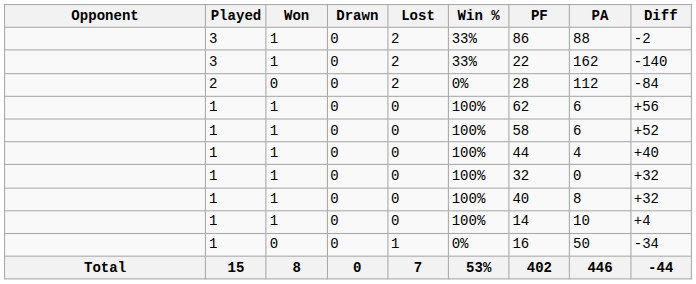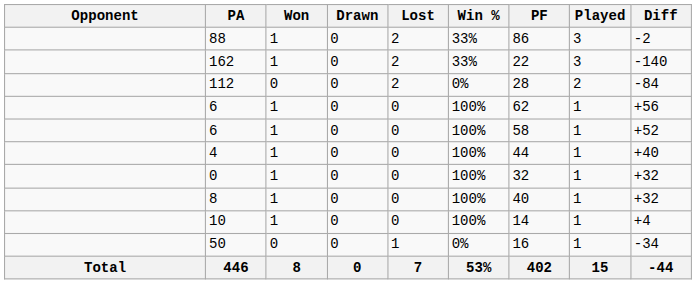 <table class="wikitable sortable" style="font-size:100%">
 <tr>
 <th style="width:180px;">Opponent</th>
-<th style="width:50px;">Played</th>
+<th style="width:50px;">PA</th>
 <th style="width:50px;">Won</th>
 <th style="width:50px;">Drawn</th>
 <th style="width:50px;">Lost</th>
 <th style="width:50px;">Win %</th>
 <th style="width:50px;">PF</th>
-<th style="width:50px;">PA</th>
+<th style="width:50px;">Played</th>
 <th style="width:50px;">Diff</th>
 </tr>
 <tr>
 <td></td>
-<td>3</td>
+<td>88</td>
 <td>1</td>
 <td>0</td>
 <td>2</td>
 <td>33%</td>
 <td>86</td>
-<td>88</td>
+<td>3</td>
 <td>-2</td>
 </tr>
 <tr>
 <td></td>
-<td>3</td>
+<td>162</td>
 <td>1</td>
 <td>0</td>
 <td>2</td>
 <td>33%</td>
 <td>22</td>
-<td>162</td>
+<td>3</td>
 <td>-140</td>
 </tr>
 <tr>
 <td></td>
-<td>2</td>
+<td>112</td>
 <td>0</td>
 <td>0</td>
 <td>2</td>
 <td>0%</td>
 <td>28</td>
-<td>112</td>
+<td>2</td>
 <td>-84</td>
 </tr>
 <tr>
 <td></td>
-<td>1</td>
+<td>6</td>
 <td>1</td>
 <td>0</td>
 <td>0</td>
 <td>100%</td>
 <td>62</td>
-<td>6</td>
+<td>1</td>
 <td>+56</td>
 </tr>
 <tr>
 <td></td>
-<td>1</td>
+<td>6</td>
 <td>1</td>
 <td>0</td>
 <td>0</td>
 <td>100%</td>
 <td>58</td>
-<td>6</td>
+<td>1</td>
 <td>+52</td>
 </tr>
 <tr>
 <td></td>
-<td>1</td>
+<td>4</td>
 <td>1</td>
 <td>0</td>
 <td>0</td>
 <td>100%</td>
 <td>44</td>
-<td>4</td>
+<td>1</td>
 <td>+40</td>
 </tr>
 <tr>
 <td></td>
-<td>1</td>
+<td>0</td>
 <td>1</td>
 <td>0</td>
 <td>0</td>
 <td>100%</td>
 <td>32</td>
-<td>0</td>
+<td>1</td>
 <td>+32</td>
 </tr>
 <tr>
 <td></td>
-<td>1</td>
+<td>8</td>
 <td>1</td>
 <td>0</td>
 <td>0</td>
 <td>100%</td>
 <td>40</td>
-<td>8</td>
+<td>1</td>
 <td>+32</td>
 </tr>
 <tr>
 <td></td>
-<td>1</td>
+<td>10</td>
 <td>1</td>
 <td>0</td>
 <td>0</td>
 <td>100%</td>
 <td>14</td>
-<td>10</td>
+<td>1</td>
 <td>+4</td>
 </tr>
 <tr>
 <td></td>
-<td>1</td>
+<td>50</td>
 <td>0</td>
 <td>0</td>
 <td>1</td>
 <td>0%</td>
 <td>16</td>
-<td>50</td>
+<td>1</td>
 <td>-34</td>
 </tr>
 <tr>
 <th>Total</th>
-<th>15</th>
+<th>446</th>
 <th>8</th>
 <th>0</th>
 <th>7</th>
 <th>53%</th>
 <th>402</th>
-<th>446</th>
+<th>15</th>
 <th>-44</th>
 </tr>
 </table>
